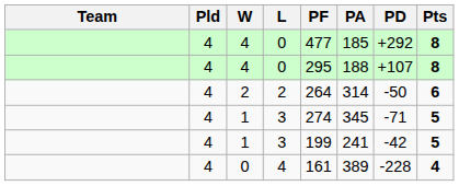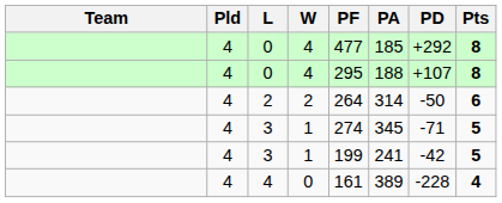 <table class=wikitable style="text-align:center">
 <tr>
 <th width=180>Team</th>
 <th width=30>Pld</th>
+<th width=30>L</th>
 <th width=30>W</th>
-<th width=30>L</th>
 <th width=30>PF</th>
 <th width=30>PA</th>
 <th width=30>PD</th>
 <th width=30>Pts</th>
 </tr>
 <tr bgcolor="#ccffcc">
 <td align="left"></td>
 <td>4</td>
+<td>0</td>
 <td>4</td>
-<td>0</td>
 <td>477</td>
 <td>185</td>
 <td>+292</td>
 <td><strong>8</strong></td>
 </tr>
 <tr bgcolor="#ccffcc">
 <td align="left"></td>
 <td>4</td>
+<td>0</td>
 <td>4</td>
-<td>0</td>
 <td>295</td>
 <td>188</td>
 <td>+107</td>
 <td><strong>8</strong></td>
 </tr>
 <tr>
 <td align="left"></td>
 <td>4</td>
 <td>2</td>
 <td>2</td>
 <td>264</td>
 <td>314</td>
 <td>-50</td>
 <td><strong>6</strong></td>
 </tr>
 <tr>
 <td align="left"></td>
 <td>4</td>
+<td>3</td>
 <td>1</td>
-<td>3</td>
 <td>274</td>
 <td>345</td>
 <td>-71</td>
 <td><strong>5</strong></td>
 </tr>
 <tr>
 <td align="left"></td>
 <td>4</td>
+<td>3</td>
 <td>1</td>
-<td>3</td>
 <td>199</td>
 <td>241</td>
 <td>-42</td>
 <td><strong>5</strong></td>
 </tr>
 <tr>
 <td align="left"></td>
 <td>4</td>
+<td>4</td>
 <td>0</td>
-<td>4</td>
 <td>161</td>
 <td>389</td>
 <td>-228</td>
 <td><strong>4</strong></td>
 </tr>
 </table>
